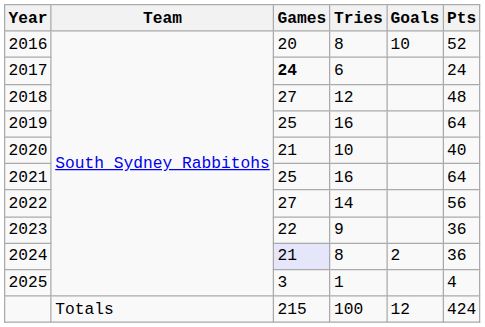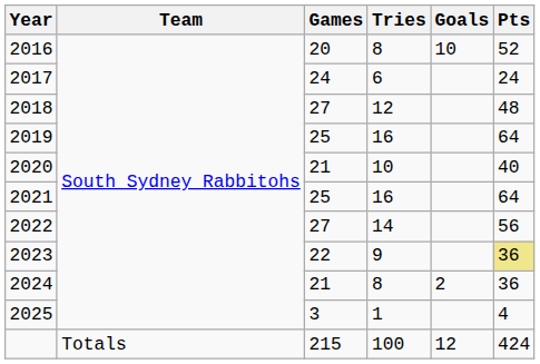 <table class="wikitable">
 <tr>
 <th>Year</th>
 <th>Team</th>
 <th>Games</th>
 <th>Tries</th>
 <th>Goals</th>
 <th>Pts</th>
 </tr>
 <tr>
 <td>2016</td>
 <td rowspan="10">  <a href='#'>South Sydney Rabbitohs</a></td>
 <td>20</td>
 <td>8</td>
 <td>10</td>
 <td>52</td>
 </tr>
 <tr>
 <td>2017</td>
-<td><strong>24</strong></td>
+<td>24</td>
 <td>6</td>
 <td></td>
 <td>24</td>
 </tr>
 <tr>
 <td>2018</td>
 <td>27</td>
 <td>12</td>
 <td></td>
 <td>48</td>
 </tr>
 <tr>
 <td>2019</td>
 <td>25</td>
 <td>16</td>
 <td></td>
 <td>64</td>
 </tr>
 <tr>
 <td>2020</td>
 <td>21</td>
 <td>10</td>
 <td></td>
 <td>40</td>
 </tr>
 <tr>
 <td>2021</td>
 <td>25</td>
 <td>16</td>
 <td></td>
 <td>64</td>
 </tr>
 <tr>
 <td>2022</td>
 <td>27</td>
 <td>14</td>
 <td></td>
 <td>56</td>
 </tr>
 <tr>
 <td>2023</td>
 <td>22</td>
 <td>9</td>
 <td></td>
-<td>36</td>
+<td style="background: khaki;">36</td>
 </tr>
 <tr>
 <td>2024</td>
-<td style="background: lavender;">21</td>
+<td>21</td>
 <td>8</td>
 <td>2</td>
 <td>36</td>
 </tr>
 <tr>
 <td>2025</td>
 <td>3</td>
 <td>1</td>
 <td></td>
 <td>4</td>
 </tr>
 <tr>
 <td></td>
 <td>Totals</td>
 <td>215</td>
 <td>100</td>
 <td>12</td>
 <td>424</td>
 </tr>
 </table>
